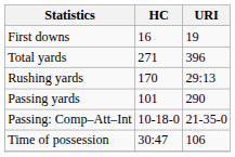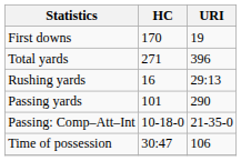 <table class="wikitable" style="float: left;">
 <tr>
 <th>Statistics</th>
 <th>HC</th>
 <th>URI</th>
 </tr>
 <tr>
 <td>First downs</td>
-<td>16</td>
+<td>170</td>
 <td>19</td>
 </tr>
 <tr>
 <td>Total yards</td>
 <td>271</td>
 <td>396</td>
 </tr>
 <tr>
 <td>Rushing yards</td>
-<td>170</td>
+<td>16</td>
 <td>29:13</td>
 </tr>
 <tr>
 <td>Passing yards</td>
 <td>101</td>
 <td>290</td>
 </tr>
 <tr>
 <td>Passing: Comp–Att–Int</td>
 <td>10-18-0</td>
 <td>21-35-0</td>
 </tr>
 <tr>
 <td>Time of possession</td>
 <td>30:47</td>
 <td>106</td>
 </tr>
 <tr>
 </tr>
 </table>
